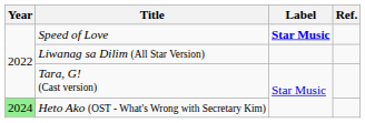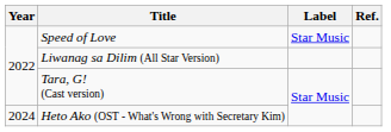 <table class="wikitable sortable">
 <tr>
 <th>Year</th>
 <th>Title</th>
 <th>Label</th>
 <th>Ref.</th>
 </tr>
 <tr>
 <td rowspan="3" align="center">2022</td>
 <td><em>Speed of Love</em></td>
-<td><strong><a href='#'>Star Music</a></strong></td>
+<td><a href='#'>Star Music</a></td>
 <td align="center"><br></td>
 </tr>
 <tr>
 <td><em>Liwanag sa Dilim</em> <small>(All Star Version)</small></td>
 <td></td>
 <td align="center"></td>
 </tr>
 <tr>
 <td><em>Tara, G!</em><br><small>(Cast version)</small></td>
 <td rowspan="2"><a href='#'>Star Music</a></td>
 <td align="center"></td>
 </tr>
 <tr>
-<td style="background: lightgreen;">2024</td>
+<td>2024</td>
 <td><em>Heto Ako</em> <small>(OST - What's Wrong with Secretary Kim)</small></td>
 <td align="center"></td>
 </tr>
 </table>
